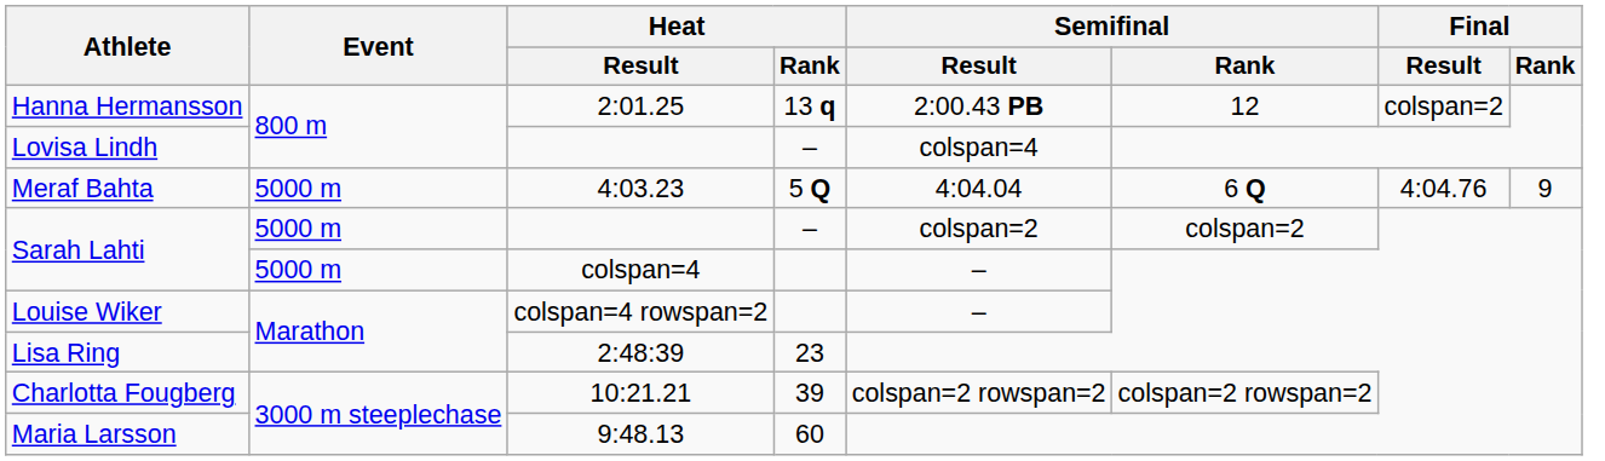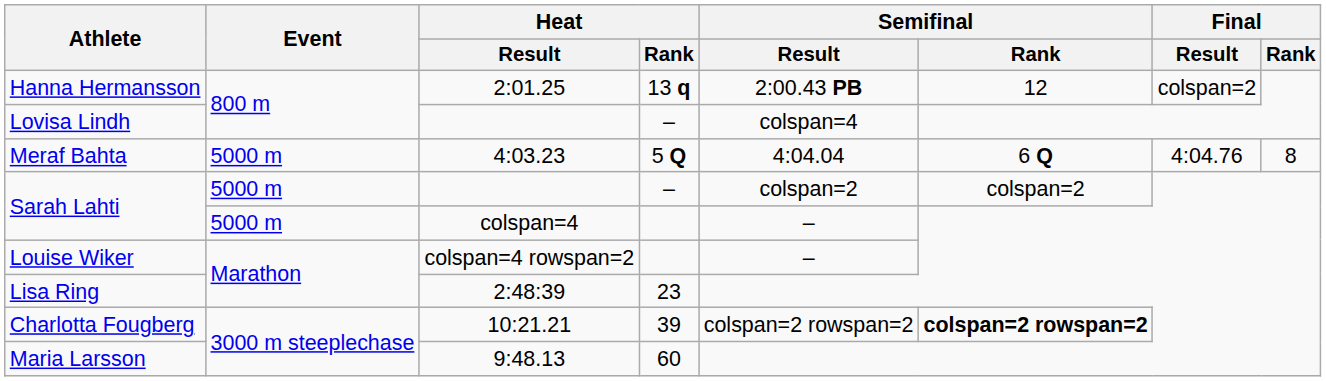 <table class="wikitable" style="font-size:90%">
 <tr>
 <th rowspan="2">Athlete</th>
 <th rowspan="2">Event</th>
 <th colspan="2">Heat</th>
 <th colspan="2">Semifinal</th>
 <th colspan="2">Final</th>
 </tr>
 <tr style="font-size:95%">
 <th>Result</th>
 <th>Rank</th>
 <th>Result</th>
 <th>Rank</th>
 <th>Result</th>
 <th>Rank</th>
 </tr>
 <tr align=center>
 <td align=left><a href='#'>Hanna Hermansson</a></td>
 <td align=left rowspan=2><a href='#'>800 m</a></td>
 <td>2:01.25</td>
 <td>13 <strong>q</strong></td>
 <td>2:00.43 <strong>PB</strong></td>
 <td>12</td>
 <td>colspan=2 </td>
 </tr>
 <tr align=center>
 <td align=left><a href='#'>Lovisa Lindh</a></td>
 <td></td>
 <td>–</td>
 <td>colspan=4 </td>
 </tr>
 <tr align=center>
 <td align=left><a href='#'>Meraf Bahta</a></td>
 <td align=left><a href='#'>5000 m</a></td>
 <td>4:03.23</td>
 <td>5 <strong>Q</strong></td>
 <td>4:04.04</td>
 <td>6 <strong>Q</strong></td>
 <td>4:04.76</td>
-<td>9</td>
+<td>8</td>
 </tr>
 <tr align=center>
 <td align=left rowspan=2><a href='#'>Sarah Lahti</a></td>
 <td align=left><a href='#'>5000 m</a></td>
 <td></td>
 <td>–</td>
 <td>colspan=2 </td>
 <td>colspan=2 </td>
 </tr>
 <tr align=center>
 <td align=left><a href='#'>5000 m</a></td>
 <td>colspan=4 </td>
 <td></td>
 <td>–</td>
 </tr>
 <tr align=center>
 <td align=left><a href='#'>Louise Wiker</a></td>
 <td align=left rowspan=2><a href='#'>Marathon</a></td>
 <td>colspan=4 rowspan=2 </td>
 <td></td>
 <td>–</td>
 </tr>
 <tr align=center>
 <td align=left><a href='#'>Lisa Ring</a></td>
 <td>2:48:39</td>
 <td>23</td>
 </tr>
 <tr align=center>
 <td align=left><a href='#'>Charlotta Fougberg</a></td>
 <td align=left rowspan=2><a href='#'>3000 m steeplechase</a></td>
 <td>10:21.21</td>
 <td>39</td>
 <td>colspan=2 rowspan=2 </td>
-<td>colspan=2 rowspan=2 </td>
+<td><strong>colspan=2 rowspan=2 </strong></td>
 </tr>
 <tr align=center>
 <td align=left><a href='#'>Maria Larsson</a></td>
 <td>9:48.13</td>
 <td>60</td>
 </tr>
 </table>
